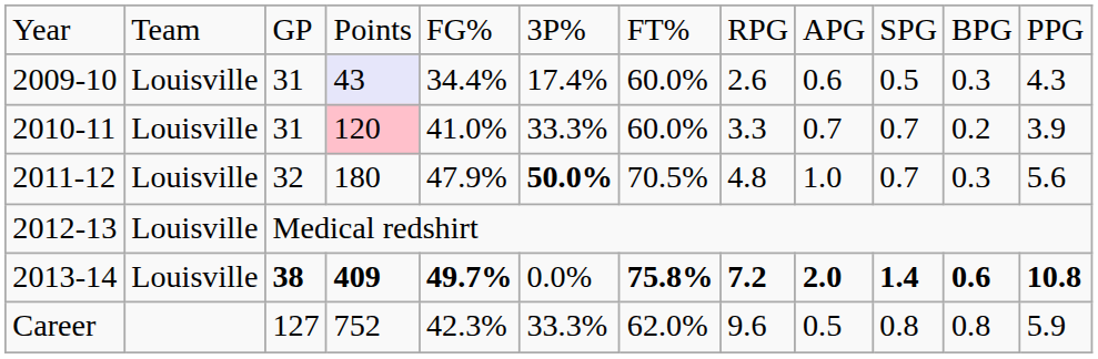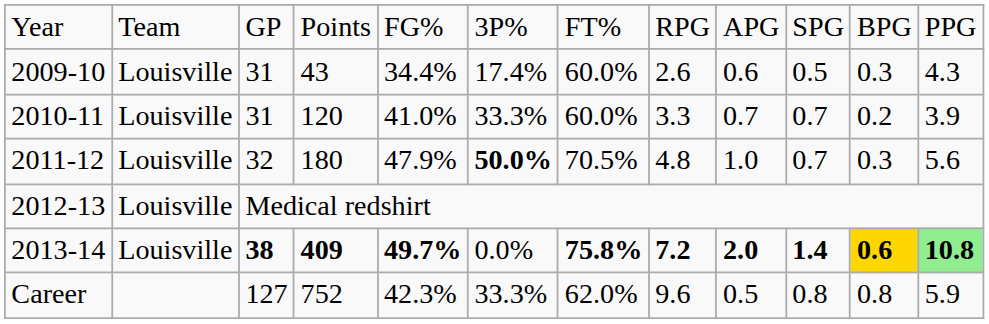 <table class="wikitable">
 <tr>
 <td>Year</td>
 <td>Team</td>
 <td>GP</td>
 <td>Points</td>
 <td>FG%</td>
 <td>3P%</td>
 <td>FT%</td>
 <td>RPG</td>
 <td>APG</td>
 <td>SPG</td>
 <td>BPG</td>
 <td>PPG</td>
 </tr>
 <tr>
 <td>2009-10</td>
 <td>Louisville</td>
 <td>31</td>
-<td style="background: lavender;">43</td>
+<td>43</td>
 <td>34.4%</td>
 <td>17.4%</td>
 <td>60.0%</td>
 <td>2.6</td>
 <td>0.6</td>
 <td>0.5</td>
 <td>0.3</td>
 <td>4.3</td>
 </tr>
 <tr>
 <td>2010-11</td>
 <td>Louisville</td>
 <td>31</td>
-<td style="background: pink;">120</td>
+<td>120</td>
 <td>41.0%</td>
 <td>33.3%</td>
 <td>60.0%</td>
 <td>3.3</td>
 <td>0.7</td>
 <td>0.7</td>
 <td>0.2</td>
 <td>3.9</td>
 </tr>
 <tr>
 <td>2011-12</td>
 <td>Louisville</td>
 <td>32</td>
 <td>180</td>
 <td>47.9%</td>
 <td><strong>50.0%</strong></td>
 <td>70.5%</td>
 <td>4.8</td>
 <td>1.0</td>
 <td>0.7</td>
 <td>0.3</td>
 <td>5.6</td>
 </tr>
 <tr>
 <td>2012-13</td>
 <td>Louisville</td>
 <td colspan="10">Medical redshirt</td>
 </tr>
 <tr>
 <td>2013-14</td>
 <td>Louisville</td>
 <td><strong>38</strong></td>
 <td><strong>409</strong></td>
 <td><strong>49.7%</strong></td>
 <td>0.0%</td>
 <td><strong>75.8%</strong></td>
 <td><strong>7.2</strong></td>
 <td><strong>2.0</strong></td>
 <td><strong>1.4</strong></td>
-<td><strong>0.6</strong></td>
-<td><strong>10.8</strong></td>
+<td style="background: gold;"><strong>0.6</strong></td>
+<td style="background: lightgreen;"><strong>10.8</strong></td>
 </tr>
 <tr>
 <td>Career</td>
 <td></td>
 <td>127</td>
 <td>752</td>
 <td>42.3%</td>
 <td>33.3%</td>
 <td>62.0%</td>
 <td>9.6</td>
 <td>0.5</td>
 <td>0.8</td>
 <td>0.8</td>
 <td>5.9</td>
 </tr>
 </table>
